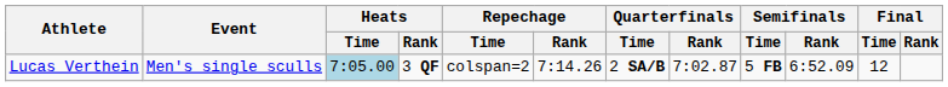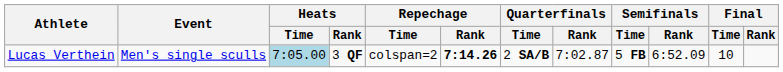 <table class="wikitable" style="font-size:90%">
 <tr>
 <th rowspan="2">Athlete</th>
 <th rowspan="2">Event</th>
 <th colspan="2">Heats</th>
 <th colspan="2">Repechage</th>
 <th colspan="2">Quarterfinals</th>
 <th colspan="2">Semifinals</th>
 <th colspan="2">Final</th>
 </tr>
 <tr style="font-size:95%">
 <th>Time</th>
 <th>Rank</th>
 <th>Time</th>
 <th>Rank</th>
 <th>Time</th>
 <th>Rank</th>
 <th>Time</th>
 <th>Rank</th>
 <th>Time</th>
 <th>Rank</th>
 </tr>
 <tr align=center>
 <td align=left><a href='#'>Lucas Verthein</a></td>
 <td align=left><a href='#'>Men's single sculls</a></td>
 <td style="background: lightblue;">7:05.00</td>
 <td>3 <strong>QF</strong></td>
 <td>colspan=2 </td>
-<td>7:14.26</td>
+<td><strong>7:14.26</strong></td>
 <td>2 <strong>SA/B</strong></td>
 <td>7:02.87</td>
 <td>5 <strong>FB</strong></td>
 <td>6:52.09</td>
-<td>12</td>
+<td>10</td>
 </tr>
 </table>
